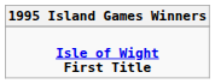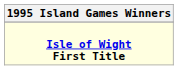 <table class="wikitable" style="text-align: center; margin: 0 auto;">
 <tr>
 <th>1995 Island Games Winners</th>
 </tr>
 <tr>
 </tr>
 <tr>
-<td><br><strong><a href='#'>Isle of Wight</a></strong><br><strong>First Title</strong></td>
+<td style="background: lightyellow;"><br><strong><a href='#'>Isle of Wight</a></strong><br><strong>First Title</strong></td>
 </tr>
 </table>
